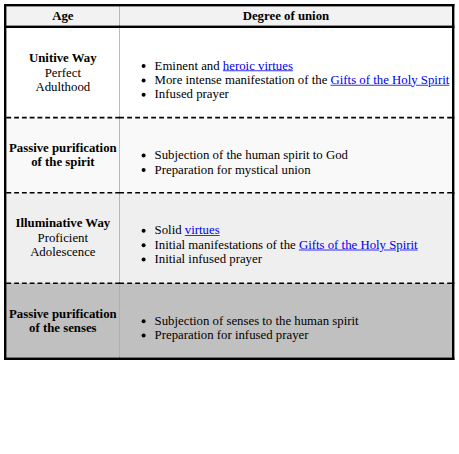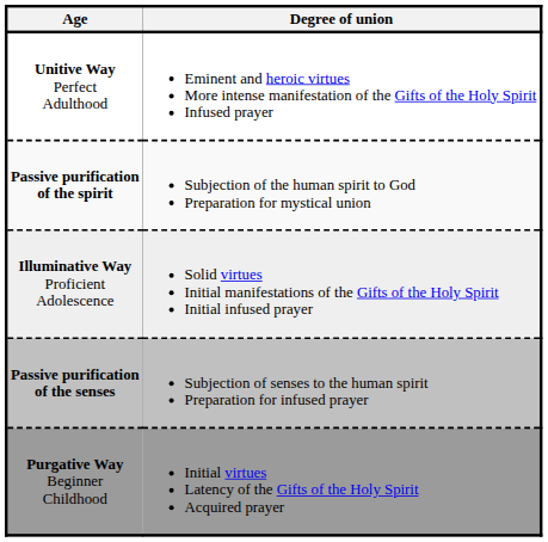 <table class="wikitable floatright" style="text-align:center; border: 3px solid black">
 <tr style="font-weight:bold; border: 3px solid black">
 <th>Age</th>
 <th>Degree of union</th>
 </tr>
 <tr style="background-color:#ffffff;">
 <td><strong>Unitive Way</strong><br>Perfect<br>Adulthood</td>
 <td style="text-align:left;"><br><ul><li>Eminent and <a href='#'>heroic virtues</a></li><li>More intense manifestation of the <a href='#'>Gifts of the Holy Spirit</a></li><li>Infused prayer</li></ul></td>
 </tr>
 <tr style="background-color:##9b9b9b; border: 2px dashed black">
 <td><strong>Passive purification<br>of the spirit</strong></td>
 <td style="text-align:left;"><br><ul><li>Subjection of the human spirit to God</li><li>Preparation for mystical union</li></ul></td>
 </tr>
 <tr style="background-color:#efefef;">
 <td><strong>Illuminative Way</strong><br>Proficient<br>Adolescence<br></td>
 <td style="text-align:left;"><br><ul><li>Solid <a href='#'>virtues</a></li><li>Initial manifestations of the <a href='#'>Gifts of the Holy Spirit</a></li><li>Initial infused prayer</li></ul></td>
 </tr>
 <tr style="background-color:#c0c0c0; border: 2px dashed black">
 <td><strong>Passive purification<br>of the senses<br></strong></td>
 <td style="text-align:left;"><br><ul><li>Subjection of senses to the human spirit</li><li>Preparation for infused prayer</li></ul></td>
 </tr>
+<tr style="background-color:#9b9b9b;">
+<td><strong>Purgative Way</strong><br>Beginner<br>Childhood<br></td>
+<td style="text-align:left;"><br><ul><li>Initial <a href='#'>virtues</a></li><li>Latency of the <a href='#'>Gifts of the Holy Spirit</a></li><li>Acquired prayer</li></ul></td>
+</tr>
 </table>
